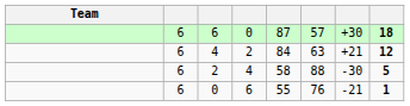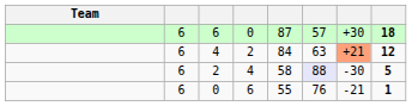 <table class="wikitable" style="text-align:center;font-size:95%">
 <tr>
 <th width=160>Team</th>
 <th width=30></th>
 <th width=30></th>
 <th width=30></th>
 <th width=30></th>
 <th width=30></th>
 <th width=30></th>
 <th width=30></th>
 </tr>
 <tr bgcolor=ccffcc>
 <td align="left"></td>
 <td>6</td>
 <td>6</td>
 <td>0</td>
 <td>87</td>
 <td>57</td>
 <td>+30</td>
 <td><strong>18</strong></td>
 </tr>
 <tr>
 <td align="left"></td>
 <td>6</td>
 <td>4</td>
 <td>2</td>
 <td>84</td>
 <td>63</td>
-<td>+21</td>
+<td style="background: lightsalmon;">+21</td>
 <td><strong>12</strong></td>
 </tr>
 <tr>
 <td align="left"></td>
 <td>6</td>
 <td>2</td>
 <td>4</td>
 <td>58</td>
-<td>88</td>
+<td style="background: lavender;">88</td>
 <td>-30</td>
 <td><strong>5</strong></td>
 </tr>
 <tr>
 <td align="left"></td>
 <td>6</td>
 <td>0</td>
 <td>6</td>
 <td>55</td>
 <td>76</td>
 <td>-21</td>
 <td><strong>1</strong></td>
 </tr>
 </table>
